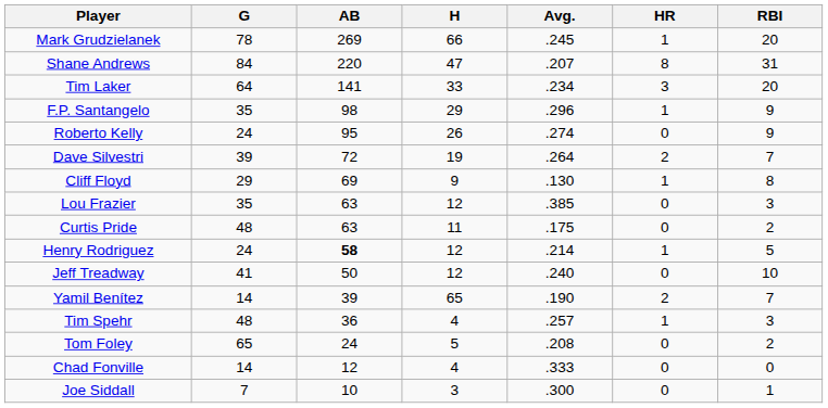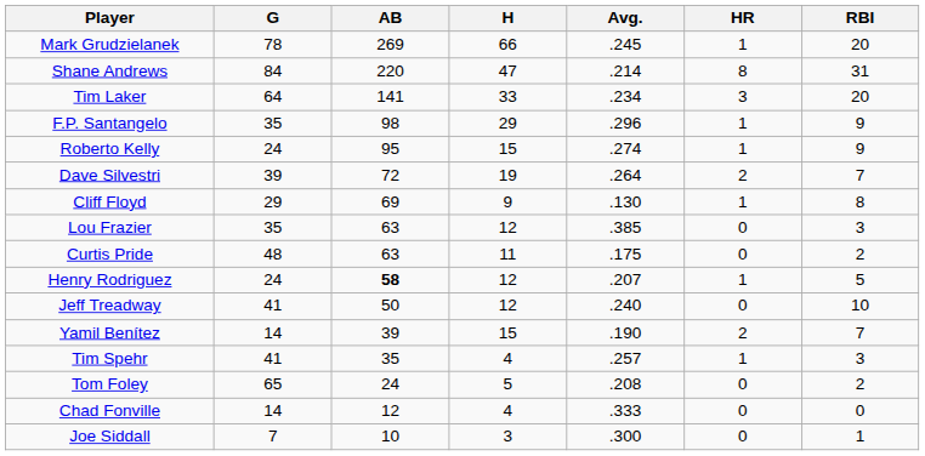 <table class="wikitable sortable">
 <tr>
 <th bgcolor="#DDDDFF" width="16%">Player</th>
 <th bgcolor="#DDDDFF" width="9%">G</th>
 <th bgcolor="#DDDDFF" width="9%">AB</th>
 <th bgcolor="#DDDDFF" width="9%">H</th>
 <th bgcolor="#DDDDFF" width="9%">Avg.</th>
 <th bgcolor="#DDDDFF" width="9%">HR</th>
 <th bgcolor="#DDDDFF" width="9%">RBI</th>
 </tr>
 <tr align=center>
 <td><a href='#'>Mark Grudzielanek</a></td>
 <td>78</td>
 <td>269</td>
 <td>66</td>
 <td>.245</td>
 <td>1</td>
 <td>20</td>
 </tr>
 <tr align=center>
 <td><a href='#'>Shane Andrews</a></td>
 <td>84</td>
 <td>220</td>
 <td>47</td>
-<td>.207</td>
+<td>.214</td>
 <td>8</td>
 <td>31</td>
 </tr>
 <tr align=center>
 <td><a href='#'>Tim Laker</a></td>
 <td>64</td>
 <td>141</td>
 <td>33</td>
 <td>.234</td>
 <td>3</td>
 <td>20</td>
 </tr>
 <tr align=center>
 <td><a href='#'>F.P. Santangelo</a></td>
 <td>35</td>
 <td>98</td>
 <td>29</td>
 <td>.296</td>
 <td>1</td>
 <td>9</td>
 </tr>
 <tr align=center>
 <td><a href='#'>Roberto Kelly</a></td>
 <td>24</td>
 <td>95</td>
-<td>26</td>
+<td>15</td>
 <td>.274</td>
-<td>0</td>
+<td>1</td>
 <td>9</td>
 </tr>
 <tr align=center>
 <td><a href='#'>Dave Silvestri</a></td>
 <td>39</td>
 <td>72</td>
 <td>19</td>
 <td>.264</td>
 <td>2</td>
 <td>7</td>
 </tr>
 <tr align=center>
 <td><a href='#'>Cliff Floyd</a></td>
 <td>29</td>
 <td>69</td>
 <td>9</td>
 <td>.130</td>
 <td>1</td>
 <td>8</td>
 </tr>
 <tr align=center>
 <td><a href='#'>Lou Frazier</a></td>
 <td>35</td>
 <td>63</td>
 <td>12</td>
 <td>.385</td>
 <td>0</td>
 <td>3</td>
 </tr>
 <tr align=center>
 <td><a href='#'>Curtis Pride</a></td>
 <td>48</td>
 <td>63</td>
 <td>11</td>
 <td>.175</td>
 <td>0</td>
 <td>2</td>
 </tr>
 <tr align=center>
 <td><a href='#'>Henry Rodriguez</a></td>
 <td>24</td>
 <td><strong>58</strong></td>
 <td>12</td>
-<td>.214</td>
+<td>.207</td>
 <td>1</td>
 <td>5</td>
 </tr>
 <tr align=center>
 <td><a href='#'>Jeff Treadway</a></td>
 <td>41</td>
 <td>50</td>
 <td>12</td>
 <td>.240</td>
 <td>0</td>
 <td>10</td>
 </tr>
 <tr align=center>
 <td><a href='#'>Yamil Benítez</a></td>
 <td>14</td>
 <td>39</td>
-<td>65</td>
+<td>15</td>
 <td>.190</td>
 <td>2</td>
 <td>7</td>
 </tr>
 <tr align=center>
 <td><a href='#'>Tim Spehr</a></td>
-<td>48</td>
-<td>36</td>
+<td>41</td>
+<td>35</td>
 <td>4</td>
 <td>.257</td>
 <td>1</td>
 <td>3</td>
 </tr>
 <tr align=center>
 <td><a href='#'>Tom Foley</a></td>
 <td>65</td>
 <td>24</td>
 <td>5</td>
 <td>.208</td>
 <td>0</td>
 <td>2</td>
 </tr>
 <tr align=center>
 <td><a href='#'>Chad Fonville</a></td>
 <td>14</td>
 <td>12</td>
 <td>4</td>
 <td>.333</td>
 <td>0</td>
 <td>0</td>
 </tr>
 <tr align=center>
 <td><a href='#'>Joe Siddall</a></td>
 <td>7</td>
 <td>10</td>
 <td>3</td>
 <td>.300</td>
 <td>0</td>
 <td>1</td>
 </tr>
 </table>
